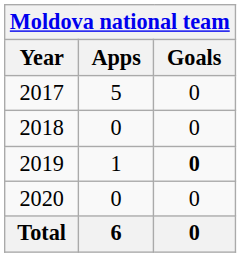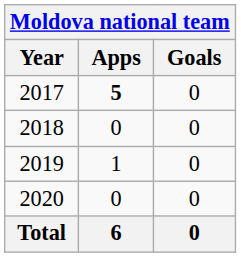 <table class="wikitable" style="text-align:center">
 <tr>
 <th colspan=3><a href='#'>Moldova national team</a></th>
 </tr>
 <tr>
 <th>Year</th>
 <th>Apps</th>
 <th>Goals</th>
 </tr>
 <tr>
 <td>2017</td>
-<td>5</td>
+<td><strong>5</strong></td>
 <td>0</td>
 </tr>
 <tr>
 <td>2018</td>
 <td>0</td>
 <td>0</td>
 </tr>
 <tr>
 <td>2019</td>
 <td>1</td>
-<td><strong>0</strong></td>
+<td>0</td>
 </tr>
 <tr>
 <td>2020</td>
 <td>0</td>
 <td>0</td>
 </tr>
 <tr>
 <th>Total</th>
 <th>6</th>
 <th>0</th>
 </tr>
 </table>
